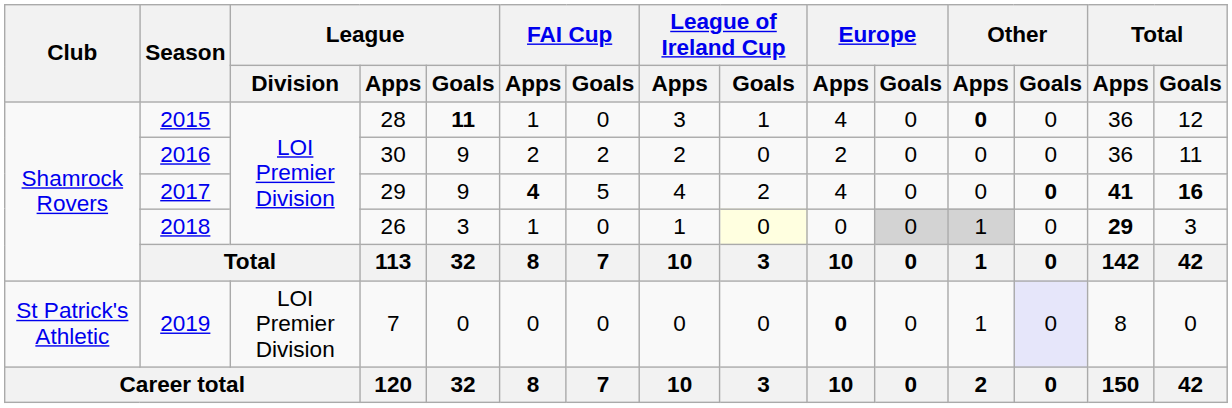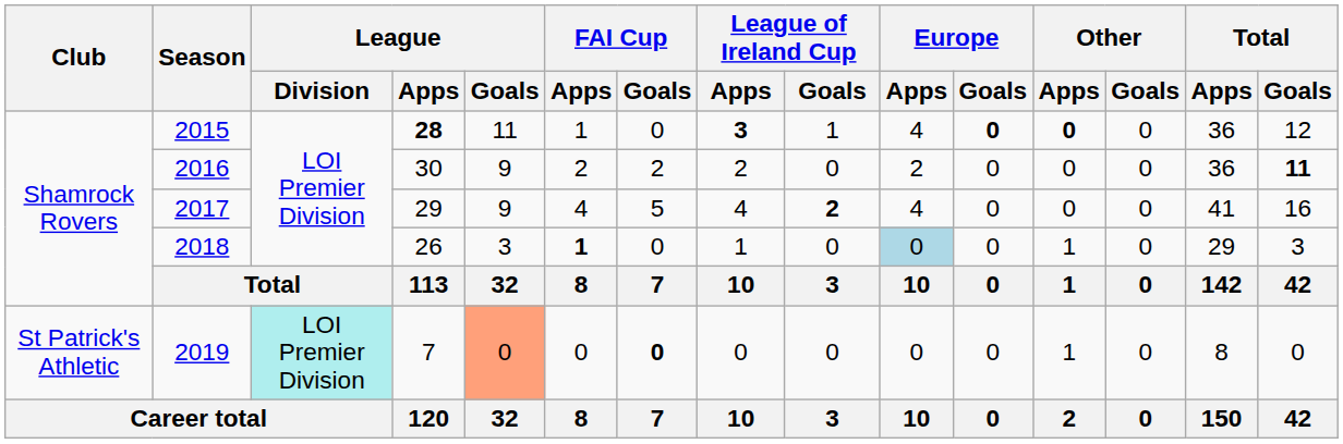 <table class="wikitable" style="text-align:center">
 <tr>
 <th rowspan="2">Club</th>
 <th rowspan="2">Season</th>
 <th colspan="3">League</th>
 <th colspan="2"><a href='#'>FAI Cup</a></th>
 <th colspan="2"><a href='#'>League of Ireland Cup</a></th>
 <th colspan="2"><a href='#'>Europe</a></th>
 <th colspan="2">Other</th>
 <th colspan="2">Total</th>
 </tr>
 <tr>
 <th>Division</th>
 <th>Apps</th>
 <th>Goals</th>
 <th>Apps</th>
 <th>Goals</th>
 <th>Apps</th>
 <th>Goals</th>
 <th>Apps</th>
 <th>Goals</th>
 <th>Apps</th>
 <th>Goals</th>
 <th>Apps</th>
 <th>Goals</th>
 </tr>
 <tr>
 <td rowspan="5"><a href='#'>Shamrock Rovers</a></td>
 <td><a href='#'>2015</a></td>
 <td rowspan="4"><a href='#'>LOI Premier Division</a></td>
-<td>28</td>
-<td><strong>11</strong></td>
+<td><strong>28</strong></td>
+<td>11</td>
 <td>1</td>
 <td>0</td>
-<td>3</td>
+<td><strong>3</strong></td>
 <td>1</td>
 <td>4</td>
-<td>0</td>
+<td><strong>0</strong></td>
 <td><strong>0</strong></td>
 <td>0</td>
 <td>36</td>
 <td>12</td>
 </tr>
 <tr>
 <td><a href='#'>2016</a></td>
 <td>30</td>
 <td>9</td>
 <td>2</td>
 <td>2</td>
 <td>2</td>
 <td>0</td>
 <td>2</td>
 <td>0</td>
 <td>0</td>
 <td>0</td>
 <td>36</td>
-<td>11</td>
+<td><strong>11</strong></td>
 </tr>
 <tr>
 <td><a href='#'>2017</a></td>
 <td>29</td>
 <td>9</td>
-<td><strong>4</strong></td>
+<td>4</td>
 <td>5</td>
 <td>4</td>
-<td>2</td>
+<td><strong>2</strong></td>
 <td>4</td>
 <td>0</td>
 <td>0</td>
-<td><strong>0</strong></td>
-<td><strong>41</strong></td>
-<td><strong>16</strong></td>
+<td>0</td>
+<td>41</td>
+<td>16</td>
 </tr>
 <tr>
 <td><a href='#'>2018</a></td>
 <td>26</td>
 <td>3</td>
+<td><strong>1</strong></td>
+<td>0</td>
 <td>1</td>
 <td>0</td>
+<td style="background: lightblue;">0</td>
+<td>0</td>
 <td>1</td>
-<td style="background: lightyellow;">0</td>
 <td>0</td>
-<td style="background: lightgrey;">0</td>
-<td style="background: lightgrey;">1</td>
-<td>0</td>
-<td><strong>29</strong></td>
+<td>29</td>
 <td>3</td>
 </tr>
 <tr>
 <th colspan="2">Total</th>
 <th>113</th>
 <th>32</th>
 <th>8</th>
 <th>7</th>
 <th>10</th>
 <th>3</th>
 <th>10</th>
 <th>0</th>
 <th>1</th>
 <th>0</th>
 <th>142</th>
 <th>42</th>
 </tr>
 <tr>
 <td><a href='#'>St Patrick's Athletic</a></td>
 <td><a href='#'>2019</a></td>
-<td>LOI Premier Division</td>
+<td style="background: paleturquoise;">LOI Premier Division</td>
 <td>7</td>
+<td style="background: lightsalmon;">0</td>
+<td>0</td>
+<td><strong>0</strong></td>
 <td>0</td>
 <td>0</td>
 <td>0</td>
 <td>0</td>
+<td>1</td>
 <td>0</td>
-<td><strong>0</strong></td>
-<td>0</td>
-<td>1</td>
-<td style="background: lavender;">0</td>
 <td>8</td>
 <td>0</td>
 </tr>
 <tr>
 <th colspan="3">Career total</th>
 <th>120</th>
 <th>32</th>
 <th>8</th>
 <th>7</th>
 <th>10</th>
 <th>3</th>
 <th>10</th>
 <th>0</th>
 <th>2</th>
 <th>0</th>
 <th>150</th>
 <th>42</th>
 </tr>
 </table>
